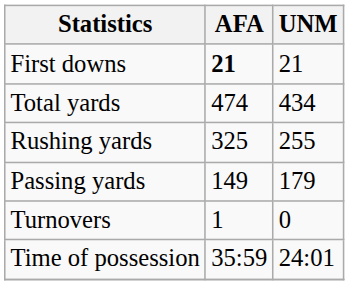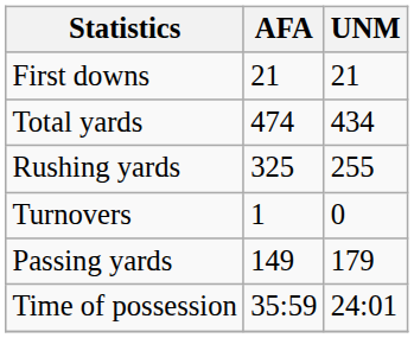 <table class="wikitable" style="float: left;">
 <tr>
 <th>Statistics</th>
 <th>AFA</th>
 <th>UNM</th>
 </tr>
 <tr>
 <td>First downs</td>
-<td><strong>21</strong></td>
+<td>21</td>
 <td>21</td>
 </tr>
 <tr>
 <td>Total yards</td>
 <td>474</td>
 <td>434</td>
 </tr>
 <tr>
 <td>Rushing yards</td>
 <td>325</td>
 <td>255</td>
 </tr>
 <tr>
+<td>Turnovers</td>
+<td>1</td>
+<td>0</td>
+</tr>
+<tr>
 <td>Passing yards</td>
 <td>149</td>
 <td>179</td>
-</tr>
-<tr>
-<td>Turnovers</td>
-<td>1</td>
-<td>0</td>
 </tr>
 <tr>
 <td>Time of possession</td>
 <td>35:59</td>
 <td>24:01</td>
 </tr>
 <tr>
 </tr>
 </table>
